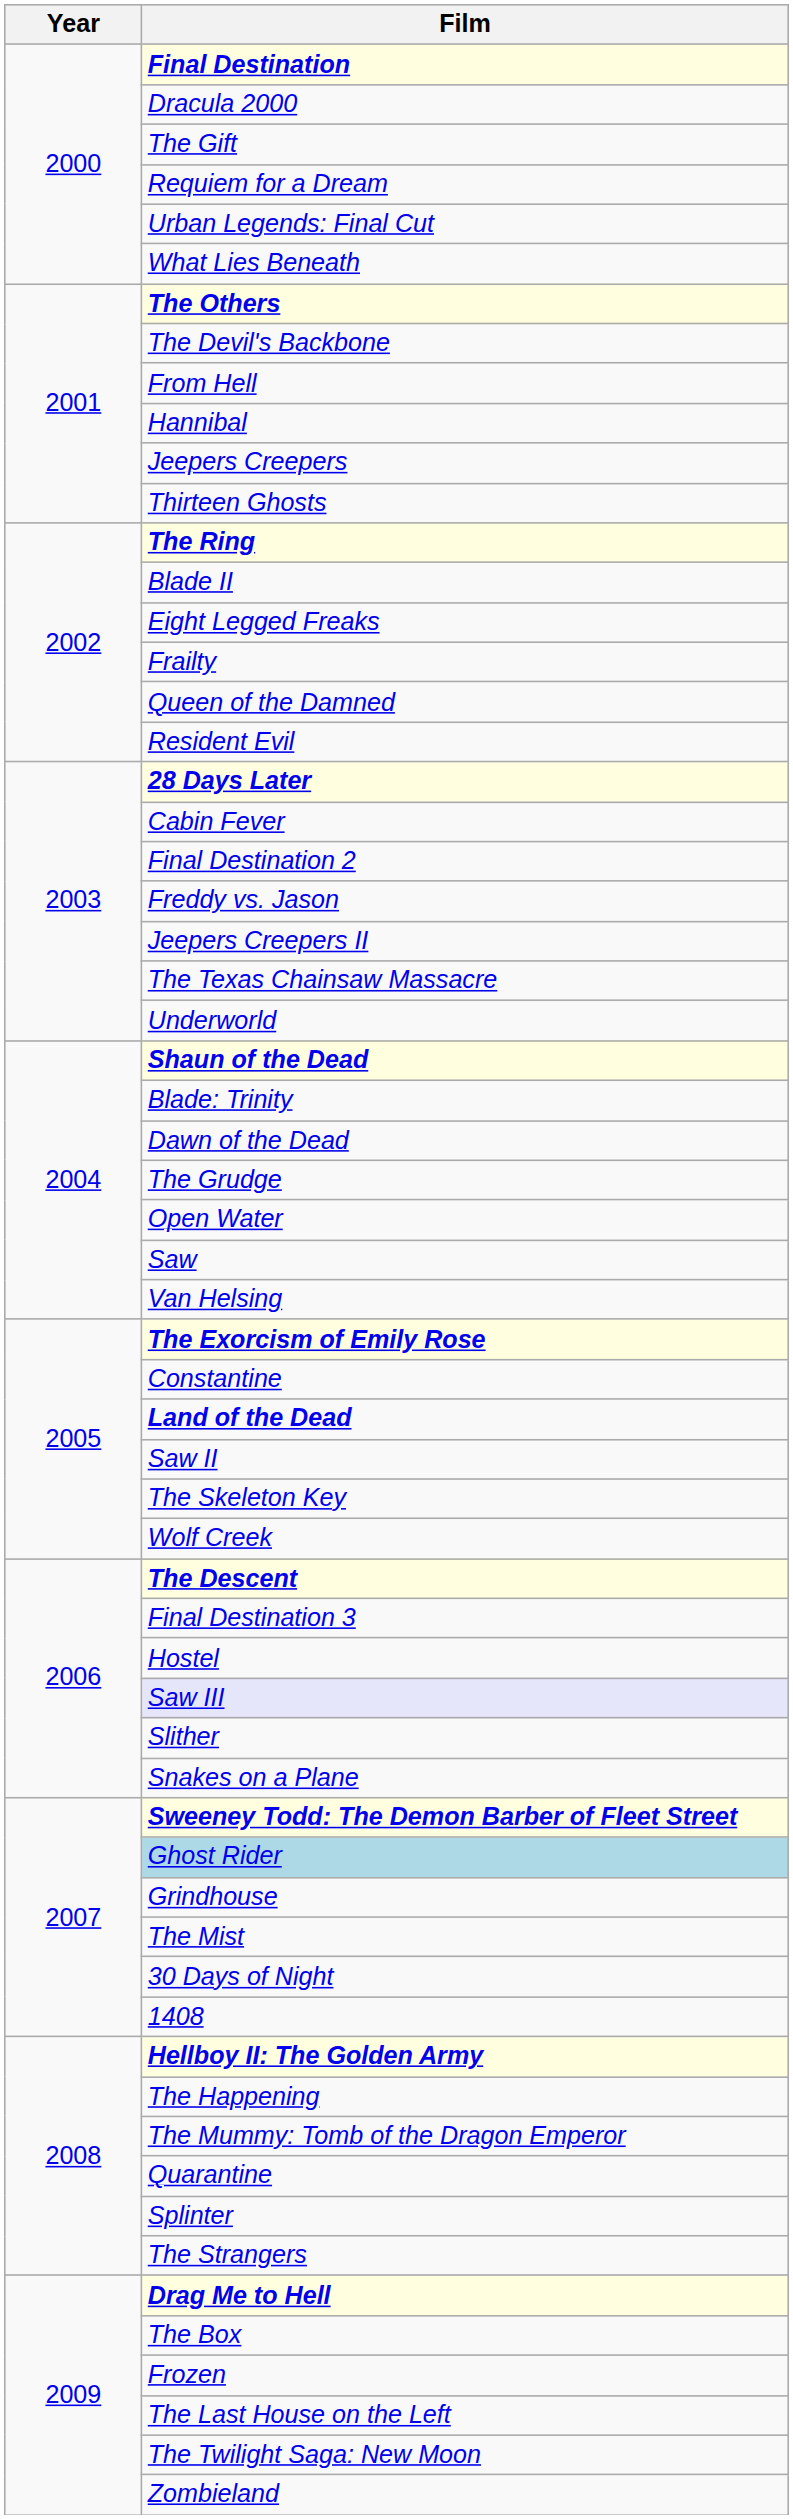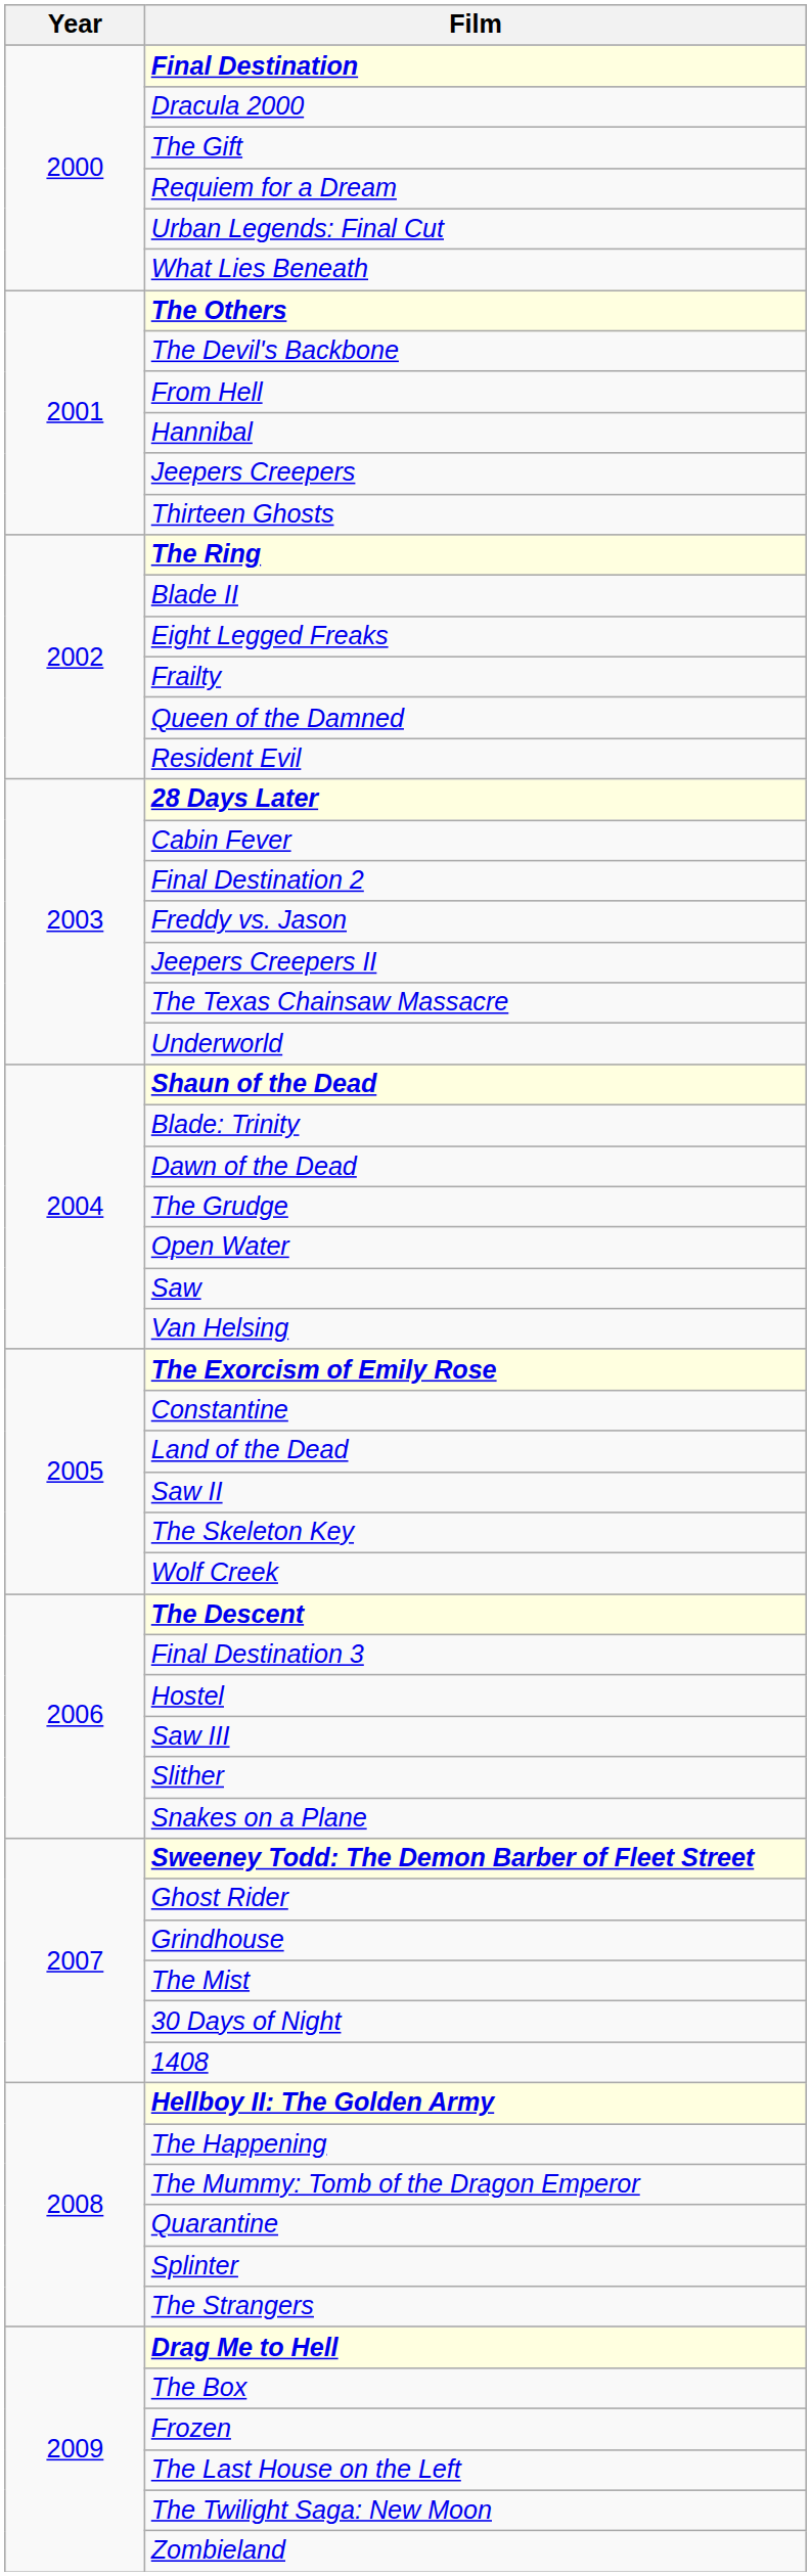 <table width="500" align="centre" class="wikitable">
 <tr>
 <th width="80">Year</th>
 <th>Film</th>
 </tr>
 <tr>
 <td rowspan="6" style="text-align:center;"><a href='#'>2000</a></td>
 <td style="background:lightyellow"><strong><em><a href='#'>Final Destination</a></em></strong></td>
 </tr>
 <tr>
 <td><em><a href='#'>Dracula 2000</a></em></td>
 </tr>
 <tr>
 <td><em><a href='#'>The Gift</a></em></td>
 </tr>
 <tr>
 <td><em><a href='#'>Requiem for a Dream</a></em></td>
 </tr>
 <tr>
 <td><em><a href='#'>Urban Legends: Final Cut</a></em></td>
 </tr>
 <tr>
 <td><em><a href='#'>What Lies Beneath</a></em></td>
 </tr>
 <tr>
 <td rowspan="6" style="text-align:center;"><a href='#'>2001</a></td>
 <td style="background:lightyellow"><strong><em><a href='#'>The Others</a></em></strong></td>
 </tr>
 <tr>
 <td><em><a href='#'>The Devil's Backbone</a></em></td>
 </tr>
 <tr>
 <td><em><a href='#'>From Hell</a></em></td>
 </tr>
 <tr>
 <td><em><a href='#'>Hannibal</a></em></td>
 </tr>
 <tr>
 <td><em><a href='#'>Jeepers Creepers</a></em></td>
 </tr>
 <tr>
 <td><em><a href='#'>Thirteen Ghosts</a></em></td>
 </tr>
 <tr>
 <td rowspan="6" style="text-align:center;"><a href='#'>2002</a></td>
 <td style="background:lightyellow"><strong><em><a href='#'>The Ring</a></em></strong></td>
 </tr>
 <tr>
 <td><em><a href='#'>Blade II</a></em></td>
 </tr>
 <tr>
 <td><em><a href='#'>Eight Legged Freaks</a></em></td>
 </tr>
 <tr>
 <td><em><a href='#'>Frailty</a></em></td>
 </tr>
 <tr>
 <td><em><a href='#'>Queen of the Damned</a></em></td>
 </tr>
 <tr>
 <td><em><a href='#'>Resident Evil</a></em></td>
 </tr>
 <tr>
 <td rowspan="7" style="text-align:center;"><a href='#'>2003</a></td>
 <td style="background:lightyellow"><strong><em><a href='#'>28 Days Later</a></em></strong></td>
 </tr>
 <tr>
 <td><em><a href='#'>Cabin Fever</a></em></td>
 </tr>
 <tr>
 <td><em><a href='#'>Final Destination 2</a></em></td>
 </tr>
 <tr>
 <td><em><a href='#'>Freddy vs. Jason</a></em></td>
 </tr>
 <tr>
 <td><em><a href='#'>Jeepers Creepers II</a></em></td>
 </tr>
 <tr>
 <td><em><a href='#'>The Texas Chainsaw Massacre</a></em></td>
 </tr>
 <tr>
 <td><em><a href='#'>Underworld</a></em></td>
 </tr>
 <tr>
 <td rowspan="7" style="text-align:center;"><a href='#'>2004</a></td>
 <td style="background:lightyellow"><strong><em><a href='#'>Shaun of the Dead</a></em></strong></td>
 </tr>
 <tr>
 <td><em><a href='#'>Blade: Trinity</a></em></td>
 </tr>
 <tr>
 <td><em><a href='#'>Dawn of the Dead</a></em></td>
 </tr>
 <tr>
 <td><em><a href='#'>The Grudge</a></em></td>
 </tr>
 <tr>
 <td><em><a href='#'>Open Water</a></em></td>
 </tr>
 <tr>
 <td><em><a href='#'>Saw</a></em></td>
 </tr>
 <tr>
 <td><em><a href='#'>Van Helsing</a></em></td>
 </tr>
 <tr>
 <td rowspan="6" style="text-align:center;"><a href='#'>2005</a></td>
 <td style="background:lightyellow"><strong><em><a href='#'>The Exorcism of Emily Rose</a></em></strong></td>
 </tr>
 <tr>
 <td><em><a href='#'>Constantine</a></em></td>
 </tr>
 <tr>
-<td><strong><em><a href='#'>Land of the Dead</a></em></strong></td>
+<td><em><a href='#'>Land of the Dead</a></em></td>
 </tr>
 <tr>
 <td><em><a href='#'>Saw II</a></em></td>
 </tr>
 <tr>
 <td><em><a href='#'>The Skeleton Key</a></em></td>
 </tr>
 <tr>
 <td><em><a href='#'>Wolf Creek</a></em></td>
 </tr>
 <tr>
 <td rowspan="6" style="text-align:center;"><a href='#'>2006</a></td>
 <td style="background:lightyellow"><strong><em><a href='#'>The Descent</a></em></strong></td>
 </tr>
 <tr>
 <td><em><a href='#'>Final Destination 3</a></em></td>
 </tr>
 <tr>
 <td><em><a href='#'>Hostel</a></em></td>
 </tr>
 <tr>
-<td style="background: lavender;"><em><a href='#'>Saw III</a></em></td>
+<td><em><a href='#'>Saw III</a></em></td>
 </tr>
 <tr>
 <td><em><a href='#'>Slither</a></em></td>
 </tr>
 <tr>
 <td><em><a href='#'>Snakes on a Plane</a></em></td>
 </tr>
 <tr>
 <td rowspan="6" style="text-align:center;"><a href='#'>2007</a></td>
 <td style="background:lightyellow"><strong><em><a href='#'>Sweeney Todd: The Demon Barber of Fleet Street</a></em></strong></td>
 </tr>
 <tr>
-<td style="background: lightblue;"><em><a href='#'>Ghost Rider</a></em></td>
+<td><em><a href='#'>Ghost Rider</a></em></td>
 </tr>
 <tr>
 <td><em><a href='#'>Grindhouse</a></em></td>
 </tr>
 <tr>
 <td><em><a href='#'>The Mist</a></em></td>
 </tr>
 <tr>
 <td><em><a href='#'>30 Days of Night</a></em></td>
 </tr>
 <tr>
 <td><em><a href='#'>1408</a></em></td>
 </tr>
 <tr>
 <td rowspan="6" style="text-align:center;"><a href='#'>2008</a></td>
 <td style="background:lightyellow"><strong><em><a href='#'>Hellboy II: The Golden Army</a></em></strong></td>
 </tr>
 <tr>
 <td><em><a href='#'>The Happening</a></em></td>
 </tr>
 <tr>
 <td><em><a href='#'>The Mummy: Tomb of the Dragon Emperor</a></em></td>
 </tr>
 <tr>
 <td><em><a href='#'>Quarantine</a></em></td>
 </tr>
 <tr>
 <td><em><a href='#'>Splinter</a></em></td>
 </tr>
 <tr>
 <td><em><a href='#'>The Strangers</a></em></td>
 </tr>
 <tr>
 <td rowspan="6" style="text-align:center;"><a href='#'>2009</a></td>
 <td style="background:lightyellow"><strong><em><a href='#'>Drag Me to Hell</a></em></strong></td>
 </tr>
 <tr>
 <td><em><a href='#'>The Box</a></em></td>
 </tr>
 <tr>
 <td><em><a href='#'>Frozen</a></em></td>
 </tr>
 <tr>
 <td><em><a href='#'>The Last House on the Left</a></em></td>
 </tr>
 <tr>
 <td><em><a href='#'>The Twilight Saga: New Moon</a></em></td>
 </tr>
 <tr>
 <td><em><a href='#'>Zombieland</a></em></td>
 </tr>
 </table>
